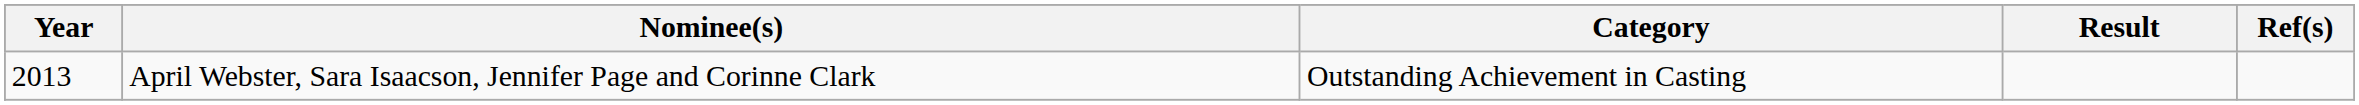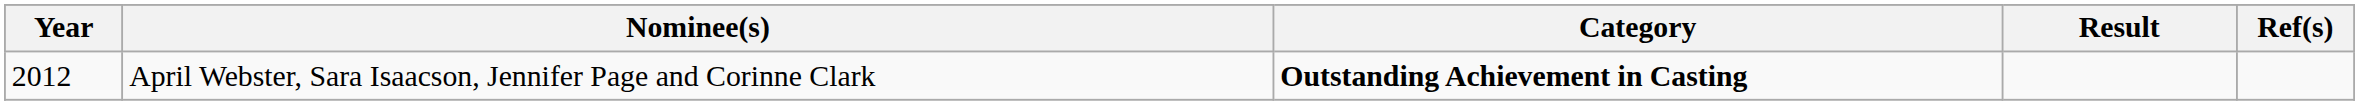 <table class="wikitable" width=100%>
 <tr>
 <th width=5%>Year</th>
 <th>Nominee(s)</th>
 <th>Category</th>
 <th width=10%>Result</th>
 <th width=5%>Ref(s)</th>
 </tr>
 <tr>
-<td>2013</td>
+<td>2012</td>
 <td>April Webster, Sara Isaacson, Jennifer Page and Corinne Clark</td>
-<td>Outstanding Achievement in Casting</td>
+<td><strong>Outstanding Achievement in Casting</strong></td>
 <td></td>
 <td></td>
 </tr>
 </table>
